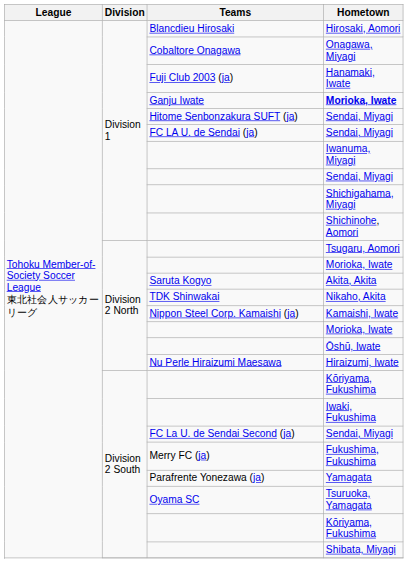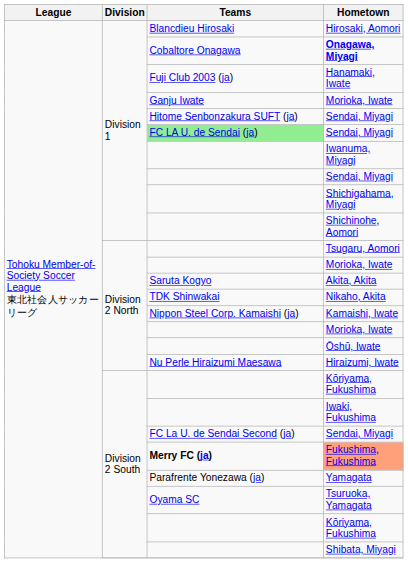 <table class="wikitable" width=100%>
 <tr>
 <th width=25%>League</th>
 <th width=10%>Division</th>
 <th width=45%>Teams</th>
 <th width=20%>Hometown</th>
 </tr>
 <tr>
 <td rowspan="30"><a href='#'>Tohoku Member-of-Society Soccer League</a><br>東北社会人サッカーリーグ</td>
 <td rowspan="10">Division 1</td>
 <td><a href='#'>Blancdieu Hirosaki</a></td>
 <td><a href='#'>Hirosaki, Aomori</a></td>
 </tr>
 <tr>
 <td><a href='#'>Cobaltore Onagawa</a></td>
-<td><a href='#'>Onagawa, Miyagi</a></td>
+<td><strong><a href='#'>Onagawa, Miyagi</a></strong></td>
 </tr>
 <tr>
 <td><a href='#'>Fuji Club 2003</a> (<a href='#'>ja</a>)</td>
 <td><a href='#'>Hanamaki, Iwate</a></td>
 </tr>
 <tr>
 <td><a href='#'>Ganju Iwate</a></td>
-<td><strong><a href='#'>Morioka, Iwate</a></strong></td>
+<td><a href='#'>Morioka, Iwate</a></td>
 </tr>
 <tr>
 <td><a href='#'>Hitome Senbonzakura SUFT</a> (<a href='#'>ja</a>)</td>
 <td><a href='#'>Sendai, Miyagi</a></td>
 </tr>
 <tr>
-<td><a href='#'>FC LA U. de Sendai</a> (<a href='#'>ja</a>)</td>
+<td style="background: lightgreen;"><a href='#'>FC LA U. de Sendai</a> (<a href='#'>ja</a>)</td>
 <td><a href='#'>Sendai, Miyagi</a></td>
 </tr>
 <tr>
 <td></td>
 <td><a href='#'>Iwanuma, Miyagi</a></td>
 </tr>
 <tr>
 <td> </td>
 <td><a href='#'>Sendai, Miyagi</a></td>
 </tr>
 <tr>
 <td></td>
 <td><a href='#'>Shichigahama, Miyagi</a></td>
 </tr>
 <tr>
 <td> </td>
 <td><a href='#'>Shichinohe</a>, <a href='#'>Aomori</a></td>
 </tr>
 <tr>
 <td rowspan="8">Division 2 North </td>
 <td> </td>
 <td><a href='#'>Tsugaru, Aomori</a></td>
 </tr>
 <tr>
 <td> </td>
 <td><a href='#'>Morioka, Iwate</a></td>
 </tr>
 <tr>
 <td><a href='#'>Saruta Kogyo</a></td>
 <td><a href='#'>Akita, Akita</a></td>
 </tr>
 <tr>
 <td><a href='#'>TDK Shinwakai</a></td>
 <td><a href='#'>Nikaho, Akita</a></td>
 </tr>
 <tr>
 <td><a href='#'>Nippon Steel Corp. Kamaishi</a> (<a href='#'>ja</a>)</td>
 <td><a href='#'>Kamaishi, Iwate</a></td>
 </tr>
 <tr>
 <td></td>
 <td><a href='#'>Morioka, Iwate</a></td>
 </tr>
 <tr>
 <td></td>
 <td><a href='#'>Ōshū, Iwate</a></td>
 </tr>
 <tr>
 <td><a href='#'>Nu Perle Hiraizumi Maesawa</a> </td>
 <td><a href='#'>Hiraizumi, Iwate</a></td>
 </tr>
 <tr>
 <td rowspan="8">Division 2 South</td>
 <td></td>
 <td><a href='#'>Kōriyama, Fukushima</a></td>
 </tr>
 <tr>
 <td></td>
 <td><a href='#'>Iwaki, Fukushima</a></td>
 </tr>
 <tr>
 <td><a href='#'>FC La U. de Sendai Second</a> (<a href='#'>ja</a>)</td>
 <td><a href='#'>Sendai, Miyagi</a></td>
 </tr>
 <tr>
-<td>Merry FC (<a href='#'>ja</a>)</td>
-<td><a href='#'>Fukushima, Fukushima</a></td>
+<td><strong>Merry FC (<a href='#'>ja</a>)</strong></td>
+<td style="background: lightsalmon;"><a href='#'>Fukushima, Fukushima</a></td>
 </tr>
 <tr>
 <td>Parafrente Yonezawa (<a href='#'>ja</a>)</td>
 <td><a href='#'>Yamagata</a></td>
 </tr>
 <tr>
 <td><a href='#'>Oyama SC</a></td>
 <td><a href='#'>Tsuruoka, Yamagata</a></td>
 </tr>
 <tr>
 <td></td>
 <td><a href='#'>Kōriyama, Fukushima</a></td>
 </tr>
 <tr>
 <td></td>
 <td><a href='#'>Shibata, Miyagi</a></td>
 </tr>
 <tr>
 </tr>
 </table>
